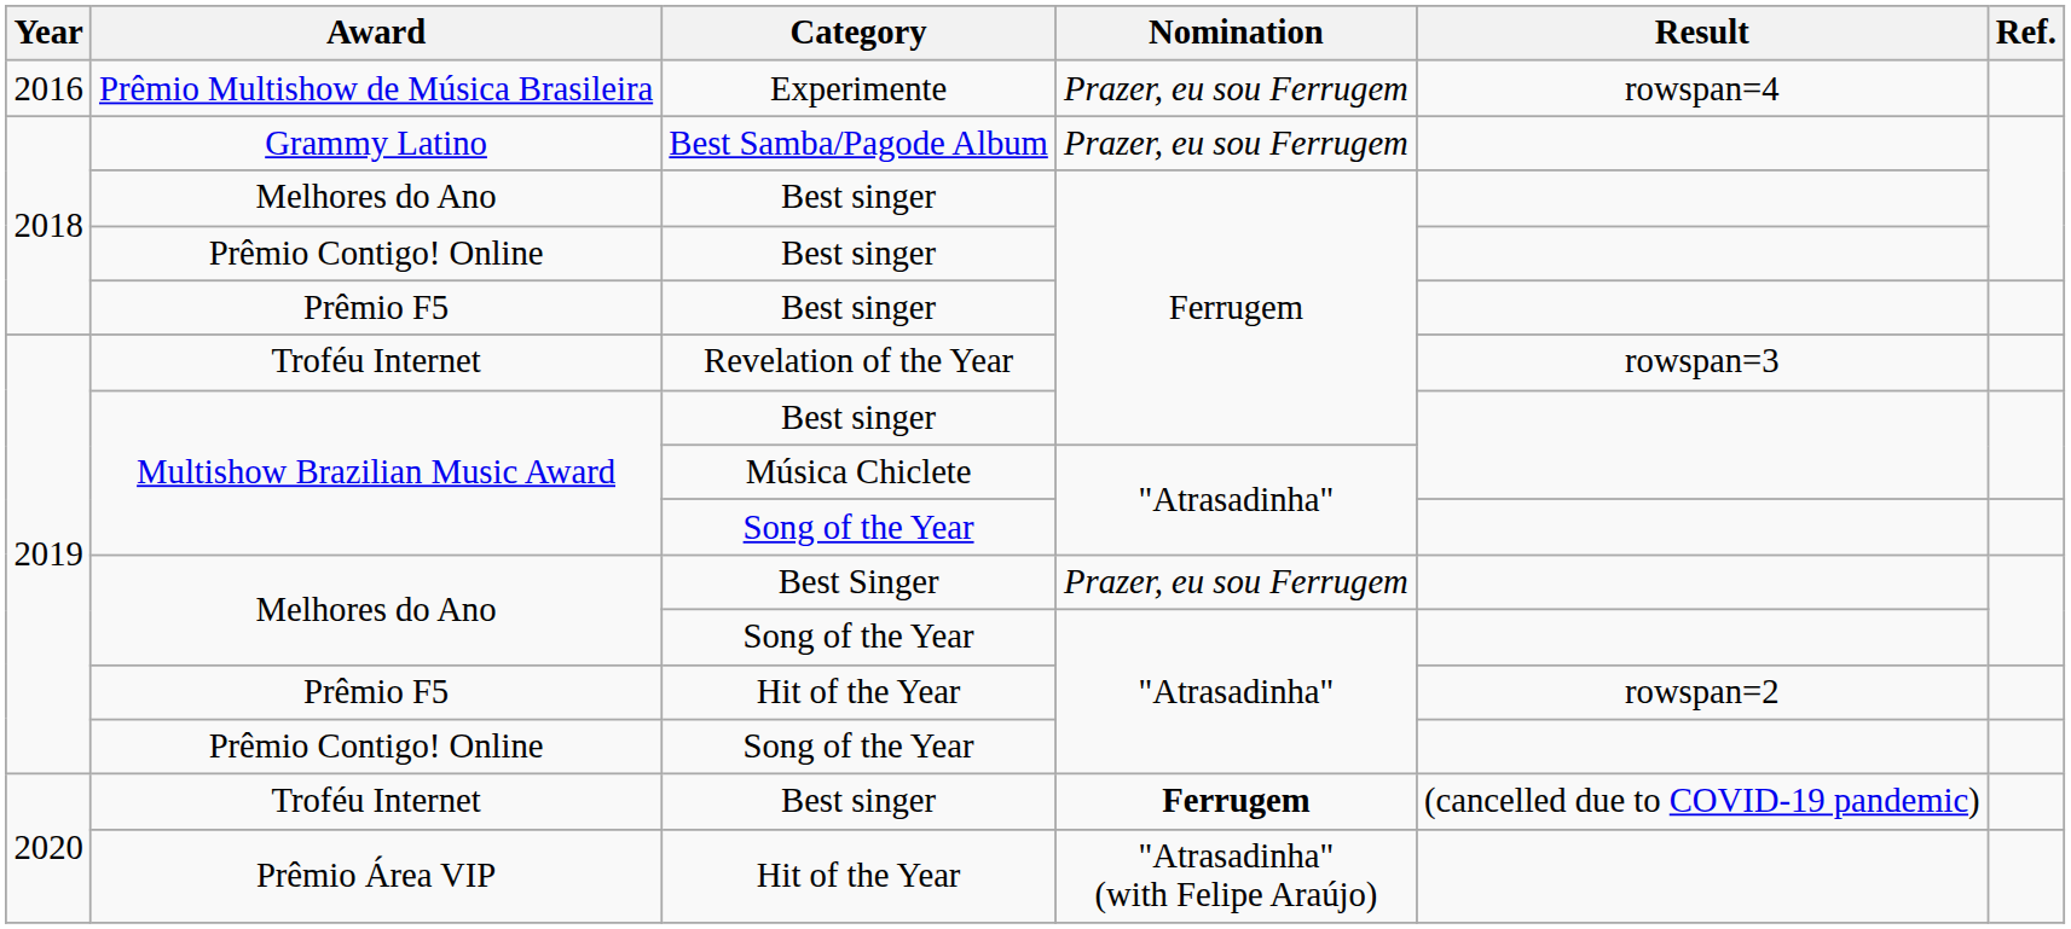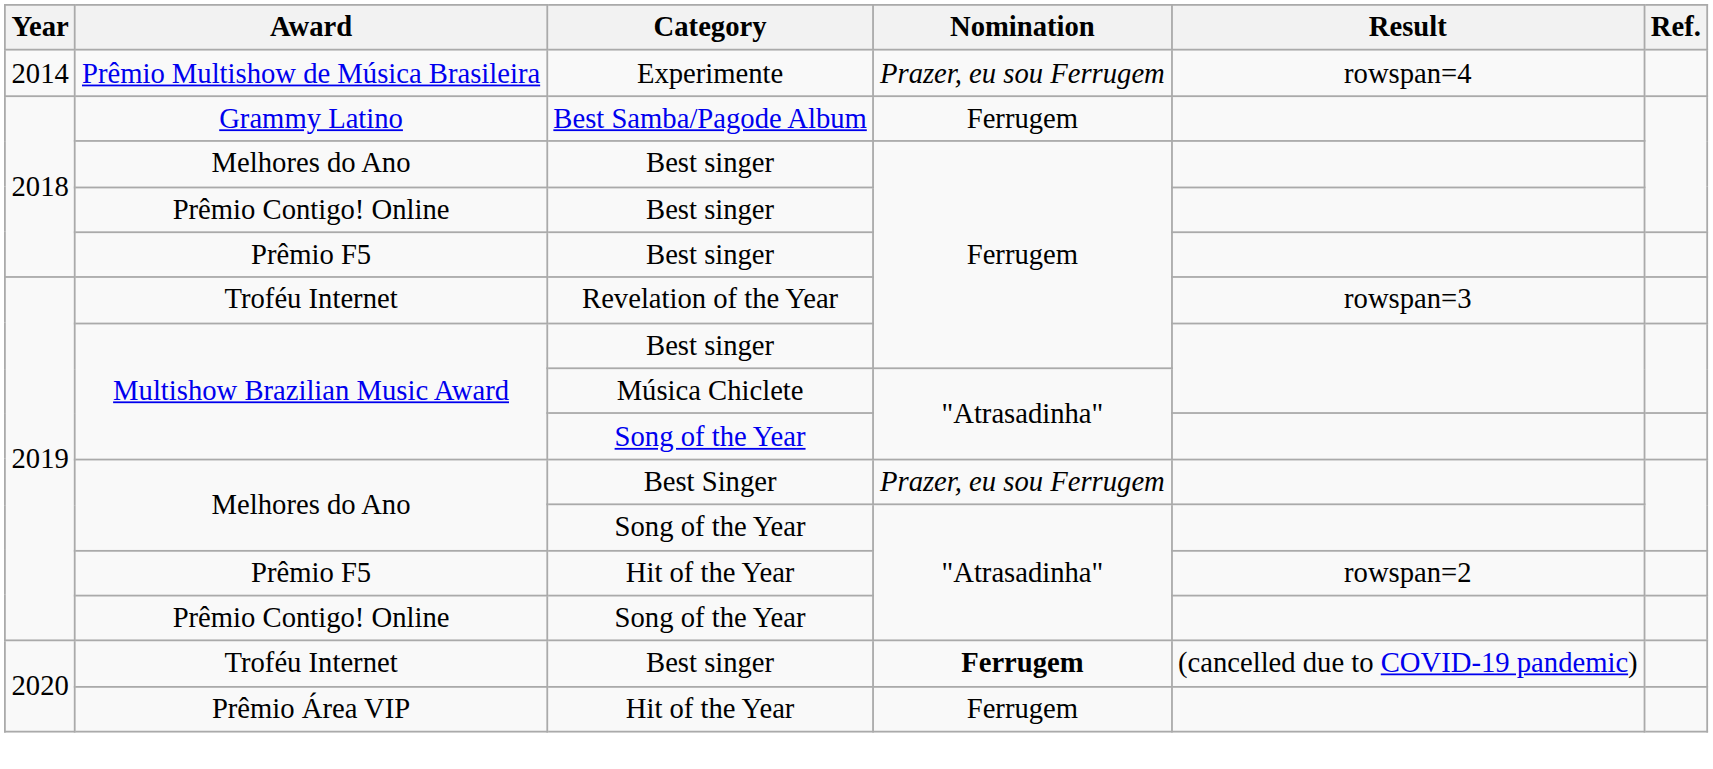 <table class="wikitable plainrowheaders" style="text-align:center;">
 <tr>
 <th>Year</th>
 <th>Award</th>
 <th>Category</th>
 <th>Nomination</th>
 <th>Result</th>
 <th>Ref.</th>
 </tr>
 <tr>
-<td>2016</td>
+<td>2014</td>
 <td><a href='#'>Prêmio Multishow de Música Brasileira</a></td>
 <td>Experimente</td>
 <td><em>Prazer, eu sou Ferrugem</em></td>
 <td>rowspan=4 </td>
 <td></td>
 </tr>
 <tr>
 <td rowspan="4">2018</td>
 <td><a href='#'>Grammy Latino</a></td>
 <td><a href='#'>Best Samba/Pagode Album</a></td>
-<td><em>Prazer, eu sou Ferrugem</em></td>
+<td>Ferrugem</td>
 <td></td>
 </tr>
 <tr>
 <td>Melhores do Ano</td>
 <td>Best singer</td>
 <td rowspan="5">Ferrugem</td>
 <td></td>
 </tr>
 <tr>
 <td>Prêmio Contigoǃ Online</td>
 <td>Best singer</td>
 <td></td>
 </tr>
 <tr>
 <td>Prêmio F5</td>
 <td>Best singer</td>
 <td></td>
 <td></td>
 </tr>
 <tr>
 <td rowspan="8">2019</td>
 <td>Troféu Internet</td>
 <td>Revelation of the Year</td>
 <td>rowspan=3 </td>
 <td></td>
 </tr>
 <tr>
 <td rowspan="3"><a href='#'>Multishow Brazilian Music Award</a></td>
 <td>Best singer</td>
 <td rowspan="2"></td>
 </tr>
 <tr>
 <td>Música Chiclete</td>
 <td rowspan="2">"Atrasadinha"<br></td>
 </tr>
 <tr>
 <td><a href='#'>Song of the Year</a></td>
 <td></td>
 <td></td>
 </tr>
 <tr>
 <td rowspan="2">Melhores do Ano</td>
 <td>Best Singer</td>
 <td><em>Prazer, eu sou Ferrugem</em></td>
 <td></td>
 <td rowspan="2"></td>
 </tr>
 <tr>
 <td>Song of the Year</td>
 <td rowspan="3">"Atrasadinha"<br></td>
 <td></td>
 </tr>
 <tr>
 <td>Prêmio F5</td>
 <td>Hit of the Year</td>
 <td>rowspan=2 </td>
 <td></td>
 </tr>
 <tr>
 <td>Prêmio Contigo! Online</td>
 <td>Song of the Year</td>
 <td></td>
 </tr>
 <tr>
 <td rowspan="2">2020</td>
 <td>Troféu Internet</td>
 <td>Best singer</td>
 <td><strong>Ferrugem</strong></td>
 <td> (cancelled due to <a href='#'>COVID-19 pandemic</a>)</td>
 <td></td>
 </tr>
 <tr>
 <td>Prêmio Área VIP</td>
 <td>Hit of the Year</td>
-<td>"Atrasadinha"<br>(with Felipe Araújo)</td>
+<td>Ferrugem</td>
 <td></td>
 <td></td>
 </tr>
 </table>
